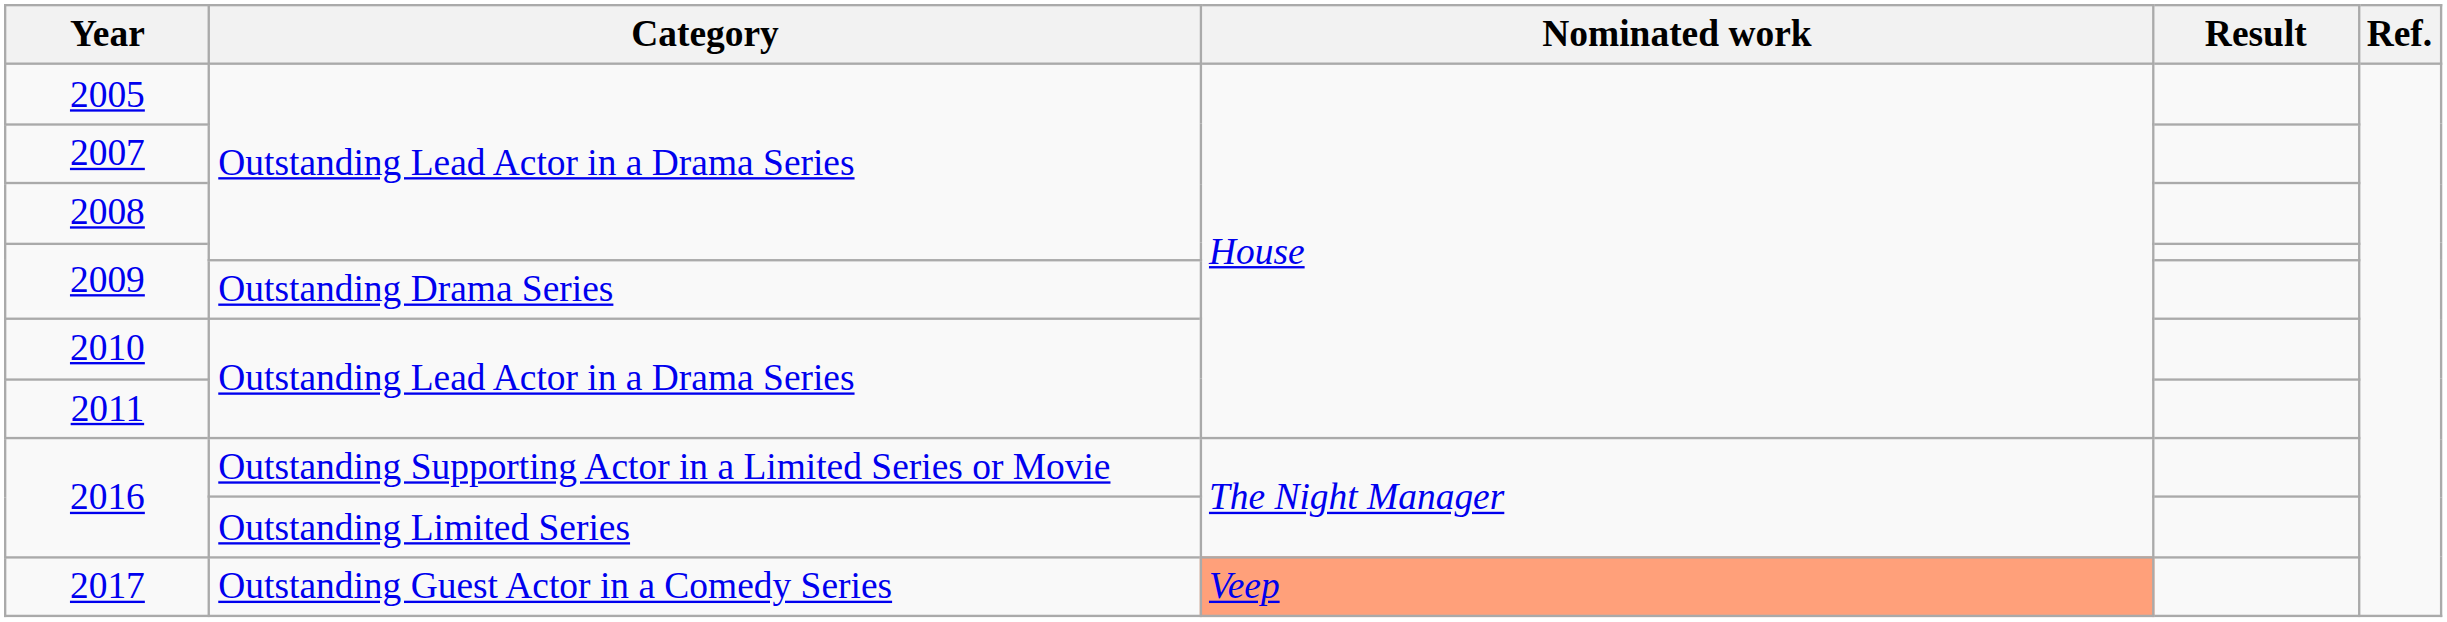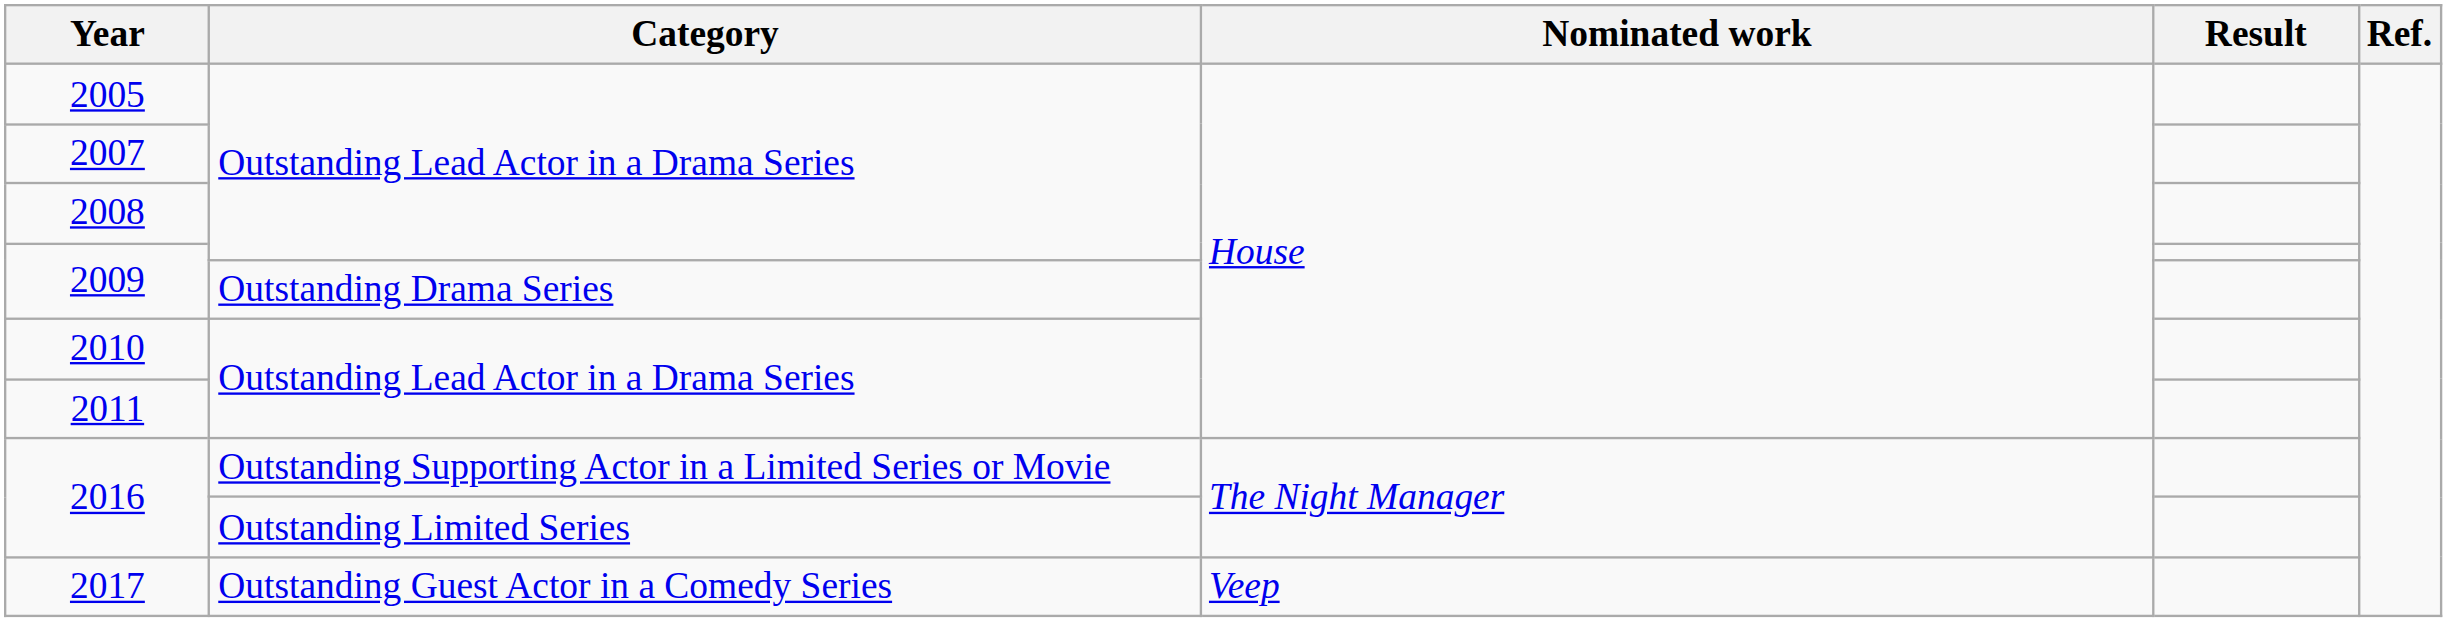 <table class=wikitable>
 <tr>
 <th scope="col" style="width:5em;">Year</th>
 <th scope="col" style="width:26em;">Category</th>
 <th scope="col" style="width:25em;">Nominated work</th>
 <th scope="col" style="width:5em;">Result</th>
 <th>Ref.</th>
 </tr>
 <tr>
 <td style="text-align:center;"><a href='#'>2005</a></td>
 <td rowspan="4"><a href='#'>Outstanding Lead Actor in a Drama Series</a></td>
 <td rowspan="7"><em><a href='#'>House</a></em></td>
 <td></td>
 <td rowspan="11" style="text-align:center;"></td>
 </tr>
 <tr>
 <td style="text-align:center;"><a href='#'>2007</a></td>
 <td></td>
 </tr>
 <tr>
 <td style="text-align:center;"><a href='#'>2008</a></td>
 <td></td>
 </tr>
 <tr>
 <td rowspan="2" style="text-align:center;"><a href='#'>2009</a></td>
 <td></td>
 </tr>
 <tr>
 <td><a href='#'>Outstanding Drama Series</a></td>
 <td></td>
 </tr>
 <tr>
 <td style="text-align:center;"><a href='#'>2010</a></td>
 <td rowspan="2"><a href='#'>Outstanding Lead Actor in a Drama Series</a></td>
 <td></td>
 </tr>
 <tr>
 <td style="text-align:center;"><a href='#'>2011</a></td>
 <td></td>
 </tr>
 <tr>
 <td rowspan="2" style="text-align:center;"><a href='#'>2016</a></td>
 <td><a href='#'>Outstanding Supporting Actor in a Limited Series or Movie</a></td>
 <td rowspan="2"><em><a href='#'>The Night Manager</a></em></td>
 <td></td>
 </tr>
 <tr>
 <td><a href='#'>Outstanding Limited Series</a></td>
 <td></td>
 </tr>
 <tr>
 <td style="text-align:center;"><a href='#'>2017</a></td>
 <td><a href='#'>Outstanding Guest Actor in a Comedy Series</a></td>
-<td style="background: lightsalmon;"><em><a href='#'>Veep</a></em></td>
+<td><em><a href='#'>Veep</a></em></td>
 <td></td>
 </tr>
 </table>
